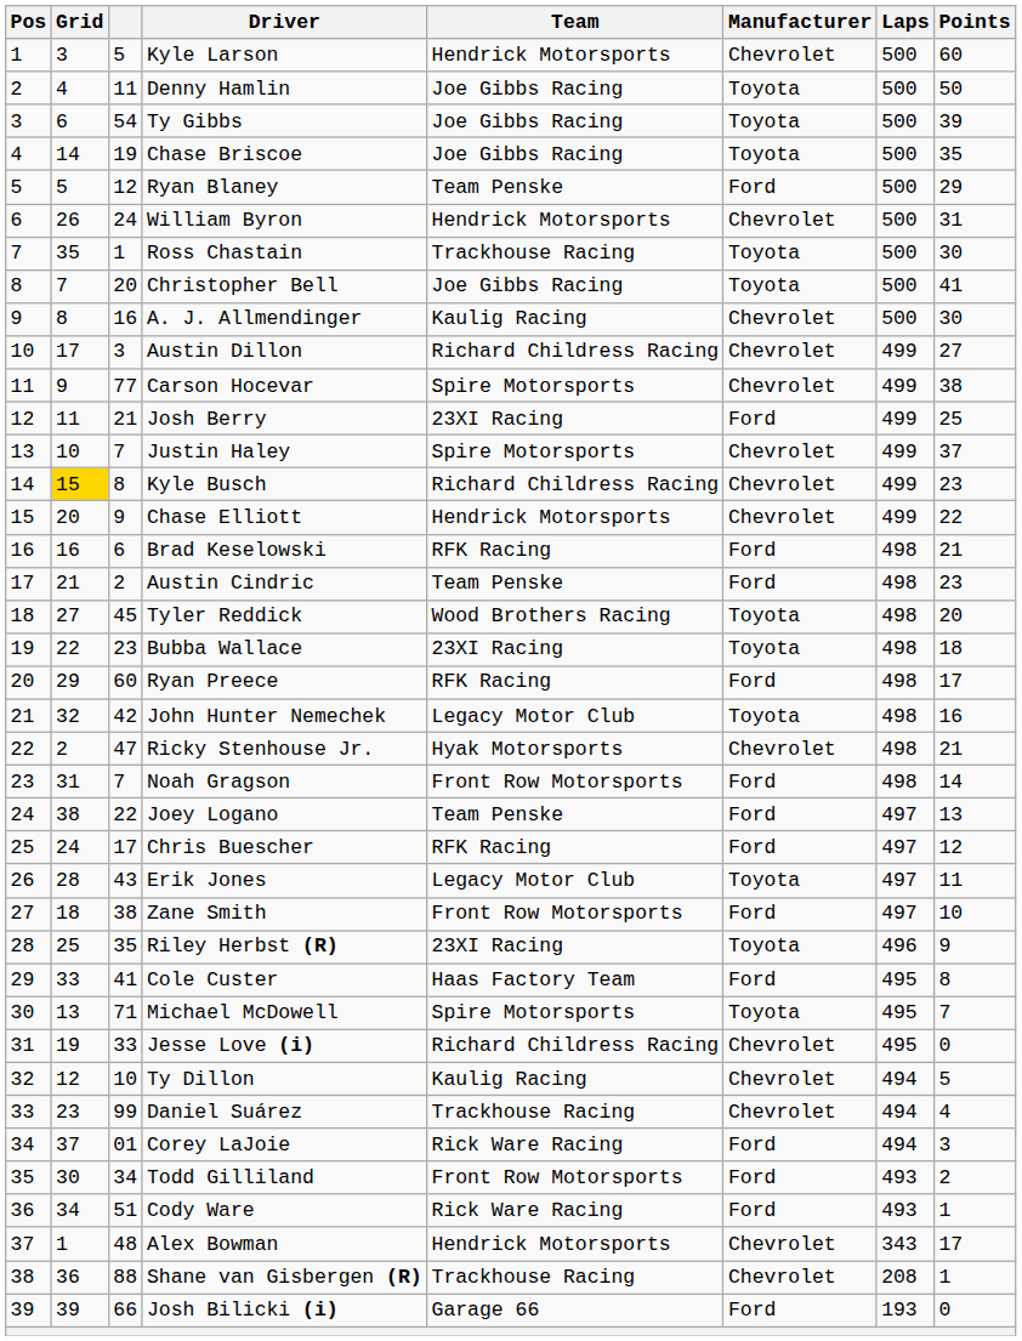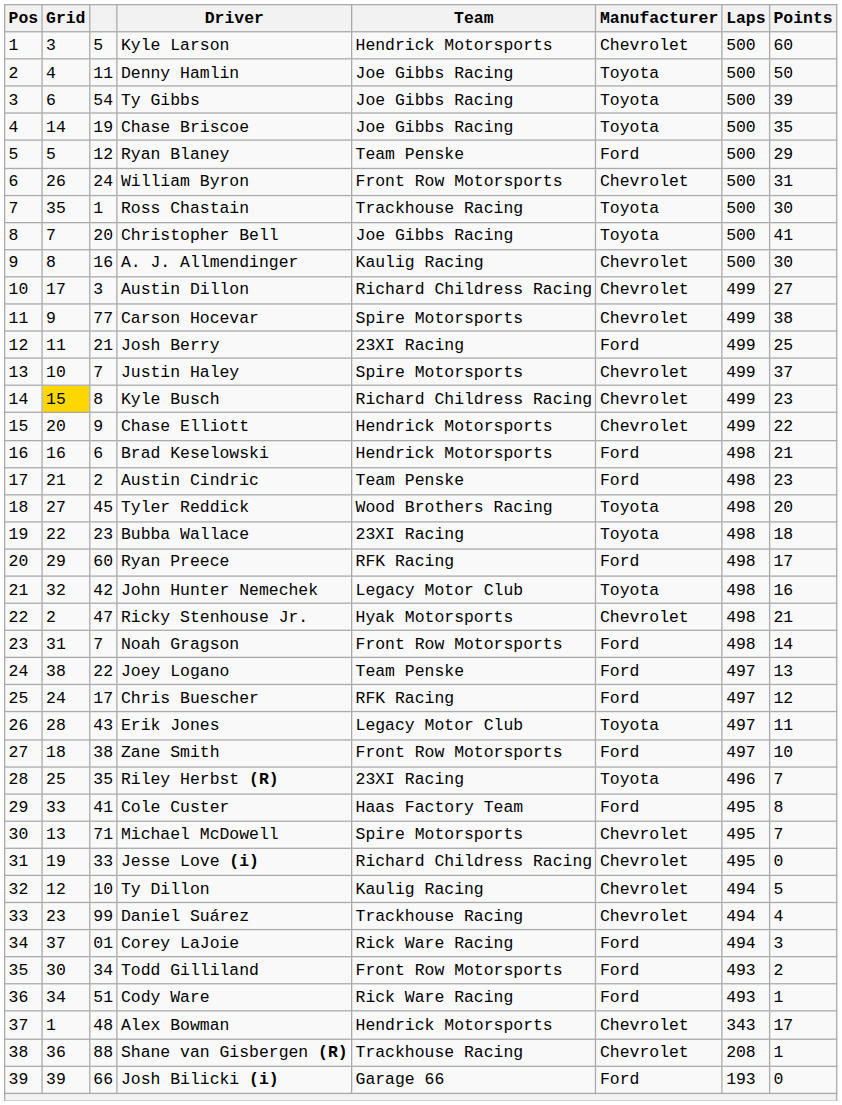 <table class="wikitable" style="font-size:98%">
 <tr>
 <th>Pos</th>
 <th>Grid</th>
 <th></th>
 <th>Driver</th>
 <th>Team</th>
 <th>Manufacturer</th>
 <th>Laps</th>
 <th>Points</th>
 </tr>
 <tr>
 <td>1</td>
 <td>3</td>
 <td>5</td>
 <td>Kyle Larson</td>
 <td>Hendrick Motorsports</td>
 <td>Chevrolet</td>
 <td>500</td>
 <td>60</td>
 </tr>
 <tr>
 <td>2</td>
 <td>4</td>
 <td>11</td>
 <td>Denny Hamlin</td>
 <td>Joe Gibbs Racing</td>
 <td>Toyota</td>
 <td>500</td>
 <td>50</td>
 </tr>
 <tr>
 <td>3</td>
 <td>6</td>
 <td>54</td>
 <td>Ty Gibbs</td>
 <td>Joe Gibbs Racing</td>
 <td>Toyota</td>
 <td>500</td>
 <td>39</td>
 </tr>
 <tr>
 <td>4</td>
 <td>14</td>
 <td>19</td>
 <td>Chase Briscoe</td>
 <td>Joe Gibbs Racing</td>
 <td>Toyota</td>
 <td>500</td>
 <td>35</td>
 </tr>
 <tr>
 <td>5</td>
 <td>5</td>
 <td>12</td>
 <td>Ryan Blaney</td>
 <td>Team Penske</td>
 <td>Ford</td>
 <td>500</td>
 <td>29</td>
 </tr>
 <tr>
 <td>6</td>
 <td>26</td>
 <td>24</td>
 <td>William Byron</td>
-<td>Hendrick Motorsports</td>
+<td>Front Row Motorsports</td>
 <td>Chevrolet</td>
 <td>500</td>
 <td>31</td>
 </tr>
 <tr>
 <td>7</td>
 <td>35</td>
 <td>1</td>
 <td>Ross Chastain</td>
 <td>Trackhouse Racing</td>
 <td>Toyota</td>
 <td>500</td>
 <td>30</td>
 </tr>
 <tr>
 <td>8</td>
 <td>7</td>
 <td>20</td>
 <td>Christopher Bell</td>
 <td>Joe Gibbs Racing</td>
 <td>Toyota</td>
 <td>500</td>
 <td>41</td>
 </tr>
 <tr>
 <td>9</td>
 <td>8</td>
 <td>16</td>
 <td>A. J. Allmendinger</td>
 <td>Kaulig Racing</td>
 <td>Chevrolet</td>
 <td>500</td>
 <td>30</td>
 </tr>
 <tr>
 <td>10</td>
 <td>17</td>
 <td>3</td>
 <td>Austin Dillon</td>
 <td>Richard Childress Racing</td>
 <td>Chevrolet</td>
 <td>499</td>
 <td>27</td>
 </tr>
 <tr>
 <td>11</td>
 <td>9</td>
 <td>77</td>
 <td>Carson Hocevar</td>
 <td>Spire Motorsports</td>
 <td>Chevrolet</td>
 <td>499</td>
 <td>38</td>
 </tr>
 <tr>
 <td>12</td>
 <td>11</td>
 <td>21</td>
 <td>Josh Berry</td>
 <td>23XI Racing</td>
 <td>Ford</td>
 <td>499</td>
 <td>25</td>
 </tr>
 <tr>
 <td>13</td>
 <td>10</td>
 <td>7</td>
 <td>Justin Haley</td>
 <td>Spire Motorsports</td>
 <td>Chevrolet</td>
 <td>499</td>
 <td>37</td>
 </tr>
 <tr>
 <td>14</td>
 <td style="background: gold;">15</td>
 <td>8</td>
 <td>Kyle Busch</td>
 <td>Richard Childress Racing</td>
 <td>Chevrolet</td>
 <td>499</td>
 <td>23</td>
 </tr>
 <tr>
 <td>15</td>
 <td>20</td>
 <td>9</td>
 <td>Chase Elliott</td>
 <td>Hendrick Motorsports</td>
 <td>Chevrolet</td>
 <td>499</td>
 <td>22</td>
 </tr>
 <tr>
 <td>16</td>
 <td>16</td>
 <td>6</td>
 <td>Brad Keselowski</td>
-<td>RFK Racing</td>
+<td>Hendrick Motorsports</td>
 <td>Ford</td>
 <td>498</td>
 <td>21</td>
 </tr>
 <tr>
 <td>17</td>
 <td>21</td>
 <td>2</td>
 <td>Austin Cindric</td>
 <td>Team Penske</td>
 <td>Ford</td>
 <td>498</td>
 <td>23</td>
 </tr>
 <tr>
 <td>18</td>
 <td>27</td>
 <td>45</td>
 <td>Tyler Reddick</td>
 <td>Wood Brothers Racing</td>
 <td>Toyota</td>
 <td>498</td>
 <td>20</td>
 </tr>
 <tr>
 <td>19</td>
 <td>22</td>
 <td>23</td>
 <td>Bubba Wallace</td>
 <td>23XI Racing</td>
 <td>Toyota</td>
 <td>498</td>
 <td>18</td>
 </tr>
 <tr>
 <td>20</td>
 <td>29</td>
 <td>60</td>
 <td>Ryan Preece</td>
 <td>RFK Racing</td>
 <td>Ford</td>
 <td>498</td>
 <td>17</td>
 </tr>
 <tr>
 <td>21</td>
 <td>32</td>
 <td>42</td>
 <td>John Hunter Nemechek</td>
 <td>Legacy Motor Club</td>
 <td>Toyota</td>
 <td>498</td>
 <td>16</td>
 </tr>
 <tr>
 <td>22</td>
 <td>2</td>
 <td>47</td>
 <td>Ricky Stenhouse Jr.</td>
 <td>Hyak Motorsports</td>
 <td>Chevrolet</td>
 <td>498</td>
 <td>21</td>
 </tr>
 <tr>
 <td>23</td>
 <td>31</td>
 <td>7</td>
 <td>Noah Gragson</td>
 <td>Front Row Motorsports</td>
 <td>Ford</td>
 <td>498</td>
 <td>14</td>
 </tr>
 <tr>
 <td>24</td>
 <td>38</td>
 <td>22</td>
 <td>Joey Logano</td>
 <td>Team Penske</td>
 <td>Ford</td>
 <td>497</td>
 <td>13</td>
 </tr>
 <tr>
 <td>25</td>
 <td>24</td>
 <td>17</td>
 <td>Chris Buescher</td>
 <td>RFK Racing</td>
 <td>Ford</td>
 <td>497</td>
 <td>12</td>
 </tr>
 <tr>
 <td>26</td>
 <td>28</td>
 <td>43</td>
 <td>Erik Jones</td>
 <td>Legacy Motor Club</td>
 <td>Toyota</td>
 <td>497</td>
 <td>11</td>
 </tr>
 <tr>
 <td>27</td>
 <td>18</td>
 <td>38</td>
 <td>Zane Smith</td>
 <td>Front Row Motorsports</td>
 <td>Ford</td>
 <td>497</td>
 <td>10</td>
 </tr>
 <tr>
 <td>28</td>
 <td>25</td>
 <td>35</td>
 <td>Riley Herbst <strong>(R)</strong></td>
 <td>23XI Racing</td>
 <td>Toyota</td>
 <td>496</td>
-<td>9</td>
+<td>7</td>
 </tr>
 <tr>
 <td>29</td>
 <td>33</td>
 <td>41</td>
 <td>Cole Custer</td>
 <td>Haas Factory Team</td>
 <td>Ford</td>
 <td>495</td>
 <td>8</td>
 </tr>
 <tr>
 <td>30</td>
 <td>13</td>
 <td>71</td>
 <td>Michael McDowell</td>
 <td>Spire Motorsports</td>
-<td>Toyota</td>
+<td>Chevrolet</td>
 <td>495</td>
 <td>7</td>
 </tr>
 <tr>
 <td>31</td>
 <td>19</td>
 <td>33</td>
 <td>Jesse Love <strong>(i)</strong></td>
 <td>Richard Childress Racing</td>
 <td>Chevrolet</td>
 <td>495</td>
 <td>0</td>
 </tr>
 <tr>
 <td>32</td>
 <td>12</td>
 <td>10</td>
 <td>Ty Dillon</td>
 <td>Kaulig Racing</td>
 <td>Chevrolet</td>
 <td>494</td>
 <td>5</td>
 </tr>
 <tr>
 <td>33</td>
 <td>23</td>
 <td>99</td>
 <td>Daniel Suárez</td>
 <td>Trackhouse Racing</td>
 <td>Chevrolet</td>
 <td>494</td>
 <td>4</td>
 </tr>
 <tr>
 <td>34</td>
 <td>37</td>
 <td>01</td>
 <td>Corey LaJoie</td>
 <td>Rick Ware Racing</td>
 <td>Ford</td>
 <td>494</td>
 <td>3</td>
 </tr>
 <tr>
 <td>35</td>
 <td>30</td>
 <td>34</td>
 <td>Todd Gilliland</td>
 <td>Front Row Motorsports</td>
 <td>Ford</td>
 <td>493</td>
 <td>2</td>
 </tr>
 <tr>
 <td>36</td>
 <td>34</td>
 <td>51</td>
 <td>Cody Ware</td>
 <td>Rick Ware Racing</td>
 <td>Ford</td>
 <td>493</td>
 <td>1</td>
 </tr>
 <tr>
 <td>37</td>
 <td>1</td>
 <td>48</td>
 <td>Alex Bowman</td>
 <td>Hendrick Motorsports</td>
 <td>Chevrolet</td>
 <td>343</td>
 <td>17</td>
 </tr>
 <tr>
 <td>38</td>
 <td>36</td>
 <td>88</td>
 <td>Shane van Gisbergen <strong>(R)</strong></td>
 <td>Trackhouse Racing</td>
 <td>Chevrolet</td>
 <td>208</td>
 <td>1</td>
 </tr>
 <tr>
 <td>39</td>
 <td>39</td>
 <td>66</td>
 <td>Josh Bilicki <strong>(i)</strong></td>
 <td>Garage 66</td>
 <td>Ford</td>
 <td>193</td>
 <td>0</td>
 </tr>
 <tr>
 <th colspan="8"></th>
 </tr>
 </table>
